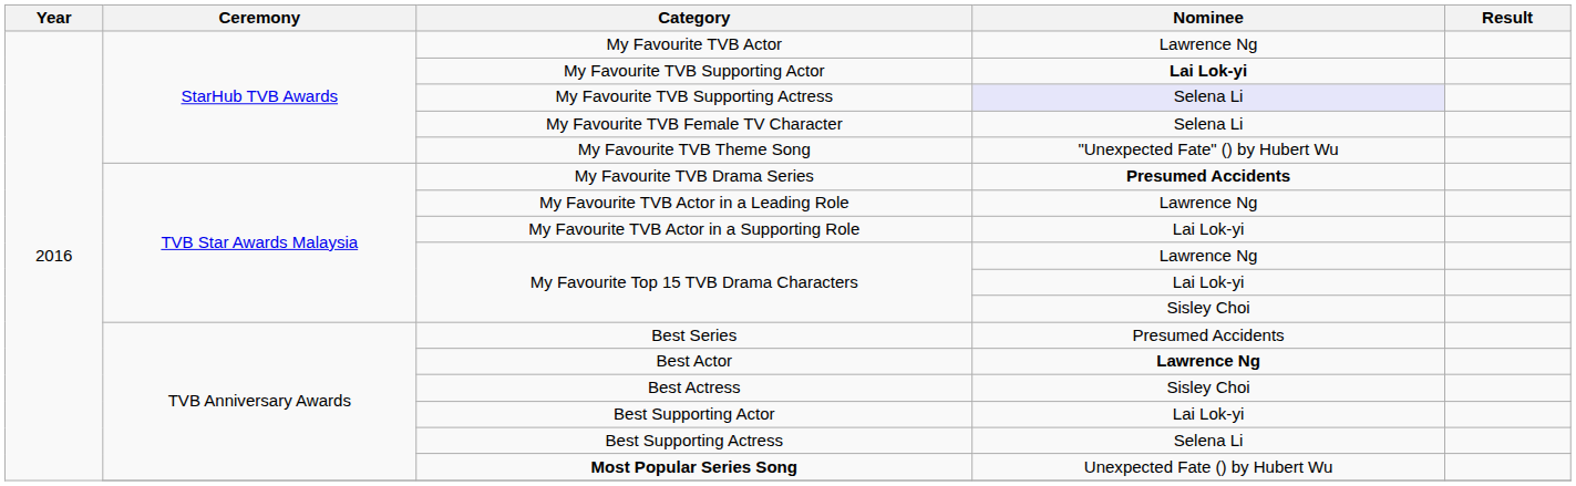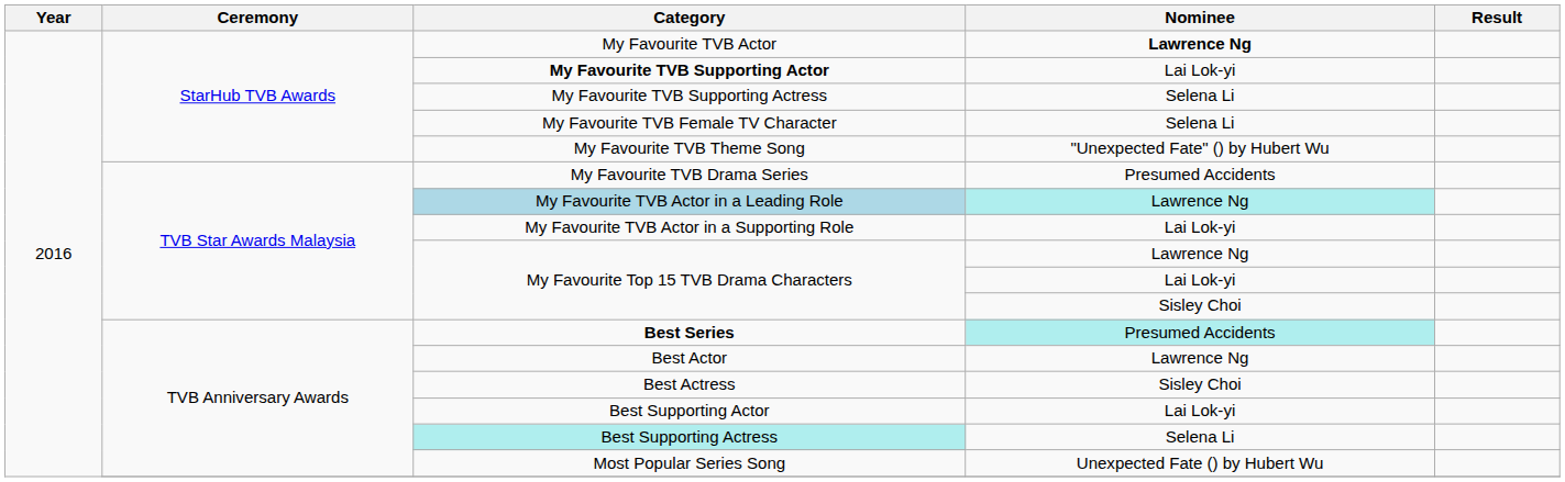 <table class="wikitable" style="width:95%;">
 <tr>
 <th style="width:45px;">Year</th>
 <th style="width:160px;">Ceremony</th>
 <th style="width:290px;">Category</th>
 <th style="width:245px;">Nominee</th>
 <th style="width:60px;">Result</th>
 </tr>
 <tr>
 <td align="center" rowspan=31>2016</td>
 <td align="center" rowspan=5><a href='#'>StarHub TVB Awards</a></td>
 <td align="center">My Favourite TVB Actor</td>
-<td align="center">Lawrence Ng</td>
+<td align="center"><strong>Lawrence Ng</strong></td>
 <td></td>
 </tr>
 <tr>
-<td align="center">My Favourite TVB Supporting Actor</td>
-<td align="center"><strong>Lai Lok-yi</strong></td>
+<td align="center"><strong>My Favourite TVB Supporting Actor</strong></td>
+<td align="center">Lai Lok-yi</td>
 <td></td>
 </tr>
 <tr>
 <td align="center">My Favourite TVB Supporting Actress</td>
-<td align="center" style="background: lavender;">Selena Li</td>
+<td align="center">Selena Li</td>
 <td></td>
 </tr>
 <tr>
 <td align="center">My Favourite TVB Female TV Character</td>
 <td align="center">Selena Li</td>
 <td></td>
 </tr>
 <tr>
 <td align="center">My Favourite TVB Theme Song</td>
 <td align="center">"Unexpected Fate" () by Hubert Wu</td>
 <td></td>
 </tr>
 <tr>
 <td align="center" rowspan=6><a href='#'>TVB Star Awards Malaysia</a></td>
 <td align="center">My Favourite TVB Drama Series</td>
-<td align="center"><strong>Presumed Accidents</strong></td>
+<td align="center">Presumed Accidents</td>
 <td></td>
 </tr>
 <tr>
-<td align="center">My Favourite TVB Actor in a Leading Role</td>
-<td align="center">Lawrence Ng</td>
+<td align="center" style="background: lightblue;">My Favourite TVB Actor in a Leading Role</td>
+<td align="center" style="background: paleturquoise;">Lawrence Ng</td>
 <td></td>
 </tr>
 <tr>
 <td align="center">My Favourite TVB Actor in a Supporting Role</td>
 <td align="center">Lai Lok-yi</td>
 <td></td>
 </tr>
 <tr>
 <td rowspan=3 align="center">My Favourite Top 15 TVB Drama Characters</td>
 <td align="center">Lawrence Ng</td>
 <td></td>
 </tr>
 <tr>
 <td align="center">Lai Lok-yi</td>
 <td></td>
 </tr>
 <tr>
 <td align="center">Sisley Choi</td>
 <td></td>
 </tr>
 <tr>
 <td align="center" rowspan=6>TVB Anniversary Awards</td>
-<td align="center">Best Series</td>
-<td align="center">Presumed Accidents</td>
+<td align="center"><strong>Best Series</strong></td>
+<td align="center" style="background: paleturquoise;">Presumed Accidents</td>
 <td></td>
 </tr>
 <tr>
 <td align="center">Best Actor</td>
-<td align="center"><strong>Lawrence Ng</strong></td>
+<td align="center">Lawrence Ng</td>
 <td></td>
 </tr>
 <tr>
 <td align="center">Best Actress</td>
 <td align="center">Sisley Choi</td>
 <td></td>
 </tr>
 <tr>
 <td align="center">Best Supporting Actor</td>
 <td align="center">Lai Lok-yi</td>
 <td></td>
 </tr>
 <tr>
-<td align="center">Best Supporting Actress</td>
+<td align="center" style="background: paleturquoise;">Best Supporting Actress</td>
 <td align="center">Selena Li</td>
 <td></td>
 </tr>
 <tr>
-<td align="center"><strong>Most Popular Series Song</strong></td>
+<td align="center">Most Popular Series Song</td>
 <td align="center">Unexpected Fate () by Hubert Wu</td>
 <td></td>
 </tr>
 <tr>
 </tr>
 </table>
